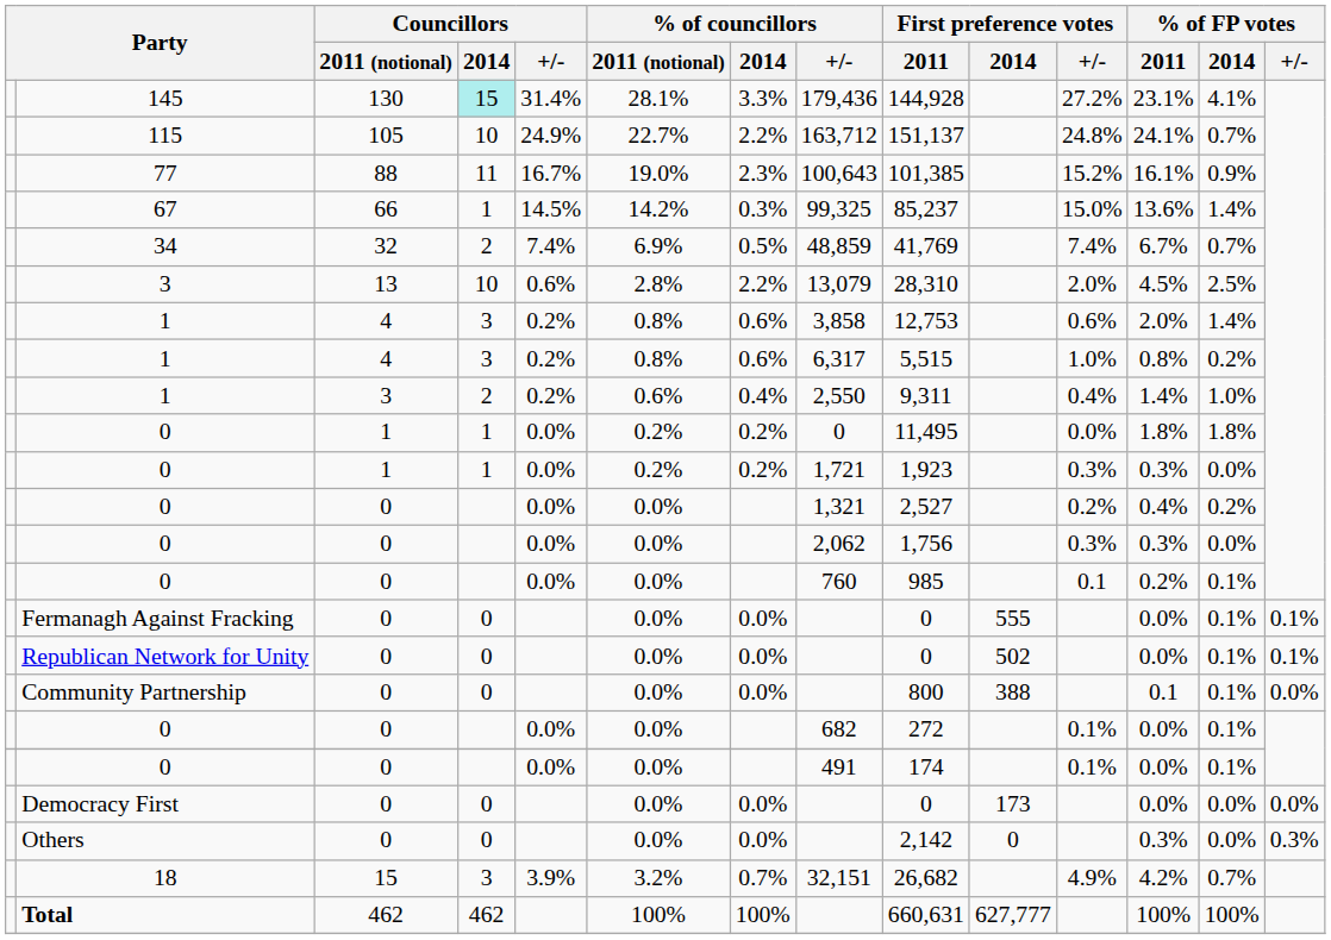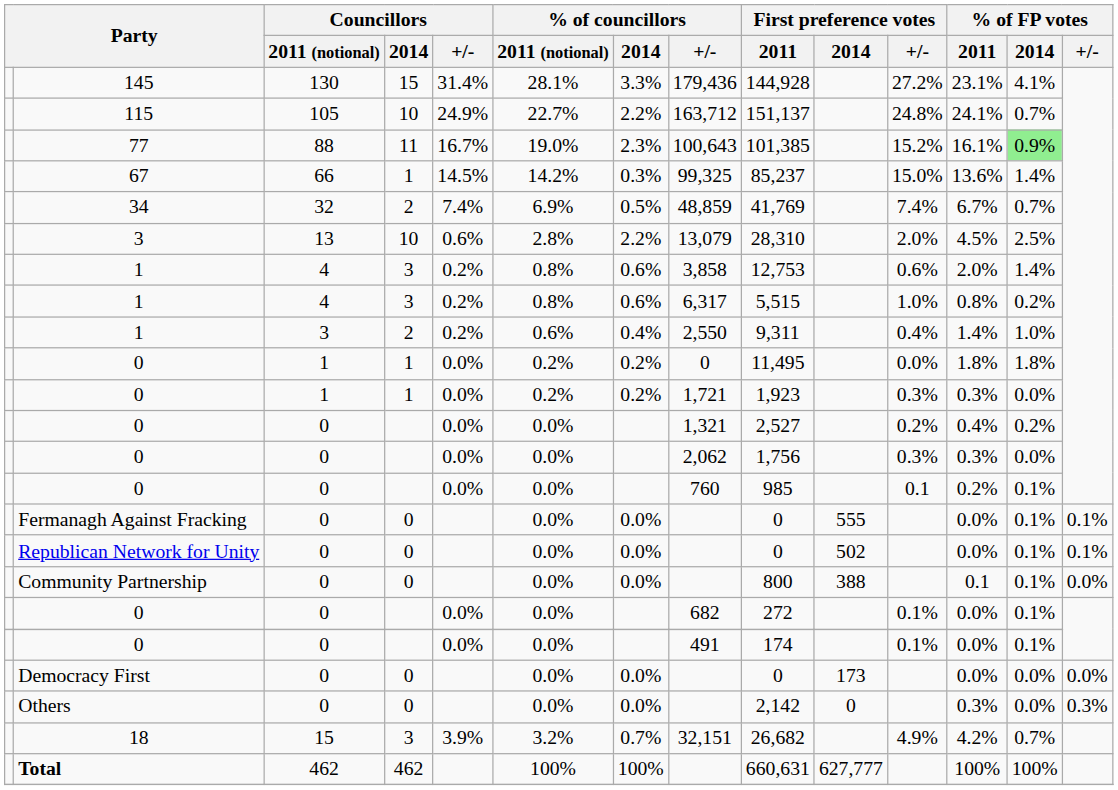 <table class="wikitable" style="text-align:center">
 <tr>
 <th colspan="2" rowspan="2">Party</th>
 <th colspan="3">Councillors</th>
 <th colspan="3">% of councillors</th>
 <th colspan="3">First preference votes</th>
 <th colspan="3">% of FP votes</th>
 </tr>
 <tr>
 <th>2011 <small>(notional)</small></th>
 <th>2014</th>
 <th>+/-</th>
 <th>2011 <small>(notional)</small></th>
 <th>2014</th>
 <th>+/-</th>
 <th>2011</th>
 <th>2014</th>
 <th>+/-</th>
 <th>2011</th>
 <th>2014</th>
 <th>+/-</th>
 </tr>
 <tr>
 <td></td>
 <td>145</td>
 <td>130</td>
-<td style="background: paleturquoise;">15</td>
+<td>15</td>
 <td>31.4%</td>
 <td>28.1%</td>
 <td>3.3%</td>
 <td>179,436</td>
 <td>144,928</td>
 <td></td>
 <td>27.2%</td>
 <td>23.1%</td>
 <td>4.1%</td>
 </tr>
 <tr>
 <td></td>
 <td>115</td>
 <td>105</td>
 <td>10</td>
 <td>24.9%</td>
 <td>22.7%</td>
 <td>2.2%</td>
 <td>163,712</td>
 <td>151,137</td>
 <td></td>
 <td>24.8%</td>
 <td>24.1%</td>
 <td>0.7%</td>
 </tr>
 <tr>
 <td></td>
 <td>77</td>
 <td>88</td>
 <td>11</td>
 <td>16.7%</td>
 <td>19.0%</td>
 <td>2.3%</td>
 <td>100,643</td>
 <td>101,385</td>
 <td></td>
 <td>15.2%</td>
 <td>16.1%</td>
-<td>0.9%</td>
+<td style="background: lightgreen;">0.9%</td>
 </tr>
 <tr>
 <td></td>
 <td>67</td>
 <td>66</td>
 <td>1</td>
 <td>14.5%</td>
 <td>14.2%</td>
 <td>0.3%</td>
 <td>99,325</td>
 <td>85,237</td>
 <td></td>
 <td>15.0%</td>
 <td>13.6%</td>
 <td>1.4%</td>
 </tr>
 <tr>
 <td></td>
 <td>34</td>
 <td>32</td>
 <td>2</td>
 <td>7.4%</td>
 <td>6.9%</td>
 <td>0.5%</td>
 <td>48,859</td>
 <td>41,769</td>
 <td></td>
 <td>7.4%</td>
 <td>6.7%</td>
 <td>0.7%</td>
 </tr>
 <tr>
 <td></td>
 <td>3</td>
 <td>13</td>
 <td>10</td>
 <td>0.6%</td>
 <td>2.8%</td>
 <td>2.2%</td>
 <td>13,079</td>
 <td>28,310</td>
 <td></td>
 <td>2.0%</td>
 <td>4.5%</td>
 <td>2.5%</td>
 </tr>
 <tr>
 <td></td>
 <td>1</td>
 <td>4</td>
 <td>3</td>
 <td>0.2%</td>
 <td>0.8%</td>
 <td>0.6%</td>
 <td>3,858</td>
 <td>12,753</td>
 <td></td>
 <td>0.6%</td>
 <td>2.0%</td>
 <td>1.4%</td>
 </tr>
 <tr>
 <td></td>
 <td>1</td>
 <td>4</td>
 <td>3</td>
 <td>0.2%</td>
 <td>0.8%</td>
 <td>0.6%</td>
 <td>6,317</td>
 <td>5,515</td>
 <td></td>
 <td>1.0%</td>
 <td>0.8%</td>
 <td>0.2%</td>
 </tr>
 <tr>
 <td></td>
 <td>1</td>
 <td>3</td>
 <td>2</td>
 <td>0.2%</td>
 <td>0.6%</td>
 <td>0.4%</td>
 <td>2,550</td>
 <td>9,311</td>
 <td></td>
 <td>0.4%</td>
 <td>1.4%</td>
 <td>1.0%</td>
 </tr>
 <tr>
 <td></td>
 <td>0</td>
 <td>1</td>
 <td>1</td>
 <td>0.0%</td>
 <td>0.2%</td>
 <td>0.2%</td>
 <td>0</td>
 <td>11,495</td>
 <td></td>
 <td>0.0%</td>
 <td>1.8%</td>
 <td>1.8%</td>
 </tr>
 <tr>
 <td></td>
 <td>0</td>
 <td>1</td>
 <td>1</td>
 <td>0.0%</td>
 <td>0.2%</td>
 <td>0.2%</td>
 <td>1,721</td>
 <td>1,923</td>
 <td></td>
 <td>0.3%</td>
 <td>0.3%</td>
 <td>0.0%</td>
 </tr>
 <tr>
 <td></td>
 <td>0</td>
 <td>0</td>
 <td></td>
 <td>0.0%</td>
 <td>0.0%</td>
 <td></td>
 <td>1,321</td>
 <td>2,527</td>
 <td></td>
 <td>0.2%</td>
 <td>0.4%</td>
 <td>0.2%</td>
 </tr>
 <tr>
 <td></td>
 <td>0</td>
 <td>0</td>
 <td></td>
 <td>0.0%</td>
 <td>0.0%</td>
 <td></td>
 <td>2,062</td>
 <td>1,756</td>
 <td></td>
 <td>0.3%</td>
 <td>0.3%</td>
 <td>0.0%</td>
 </tr>
 <tr>
 <td></td>
 <td>0</td>
 <td>0</td>
 <td></td>
 <td>0.0%</td>
 <td>0.0%</td>
 <td></td>
 <td>760</td>
 <td>985</td>
 <td></td>
 <td>0.1</td>
 <td>0.2%</td>
 <td>0.1%</td>
 </tr>
 <tr>
 <td></td>
 <td style="text-align:left">Fermanagh Against Fracking</td>
 <td>0</td>
 <td>0</td>
 <td></td>
 <td>0.0%</td>
 <td>0.0%</td>
 <td></td>
 <td>0</td>
 <td>555</td>
 <td></td>
 <td>0.0%</td>
 <td>0.1%</td>
 <td>0.1%</td>
 </tr>
 <tr>
 <td></td>
 <td style="text-align:left"><a href='#'>Republican Network for Unity</a></td>
 <td>0</td>
 <td>0</td>
 <td></td>
 <td>0.0%</td>
 <td>0.0%</td>
 <td></td>
 <td>0</td>
 <td>502</td>
 <td></td>
 <td>0.0%</td>
 <td>0.1%</td>
 <td>0.1%</td>
 </tr>
 <tr>
 <td></td>
 <td style="text-align:left">Community Partnership</td>
 <td>0</td>
 <td>0</td>
 <td></td>
 <td>0.0%</td>
 <td>0.0%</td>
 <td></td>
 <td>800</td>
 <td>388</td>
 <td></td>
 <td>0.1</td>
 <td>0.1%</td>
 <td>0.0%</td>
 </tr>
 <tr>
 <td></td>
 <td>0</td>
 <td>0</td>
 <td></td>
 <td>0.0%</td>
 <td>0.0%</td>
 <td></td>
 <td>682</td>
 <td>272</td>
 <td></td>
 <td>0.1%</td>
 <td>0.0%</td>
 <td>0.1%</td>
 </tr>
 <tr>
 </tr>
 <tr>
 <td></td>
 <td>0</td>
 <td>0</td>
 <td></td>
 <td>0.0%</td>
 <td>0.0%</td>
 <td></td>
 <td>491</td>
 <td>174</td>
 <td></td>
 <td>0.1%</td>
 <td>0.0%</td>
 <td>0.1%</td>
 </tr>
 <tr>
 <td></td>
 <td style="text-align:left">Democracy First</td>
 <td>0</td>
 <td>0</td>
 <td></td>
 <td>0.0%</td>
 <td>0.0%</td>
 <td></td>
 <td>0</td>
 <td>173</td>
 <td></td>
 <td>0.0%</td>
 <td>0.0%</td>
 <td>0.0%</td>
 </tr>
 <tr>
 <td></td>
 <td style="text-align:left">Others</td>
 <td>0</td>
 <td>0</td>
 <td></td>
 <td>0.0%</td>
 <td>0.0%</td>
 <td></td>
 <td>2,142</td>
 <td>0</td>
 <td></td>
 <td>0.3%</td>
 <td>0.0%</td>
 <td>0.3%</td>
 </tr>
 <tr>
 <td></td>
 <td>18</td>
 <td>15</td>
 <td> 3</td>
 <td>3.9%</td>
 <td>3.2%</td>
 <td>0.7%</td>
 <td>32,151</td>
 <td>26,682</td>
 <td></td>
 <td>4.9%</td>
 <td>4.2%</td>
 <td>0.7%</td>
 </tr>
 <tr>
 <td></td>
 <td style="text-align:left"><strong>Total</strong></td>
 <td>462</td>
 <td>462</td>
 <td></td>
 <td>100%</td>
 <td>100%</td>
 <td></td>
 <td>660,631</td>
 <td>627,777</td>
 <td></td>
 <td>100%</td>
 <td>100%</td>
 <td></td>
 </tr>
 <tr>
 </tr>
 </table>
